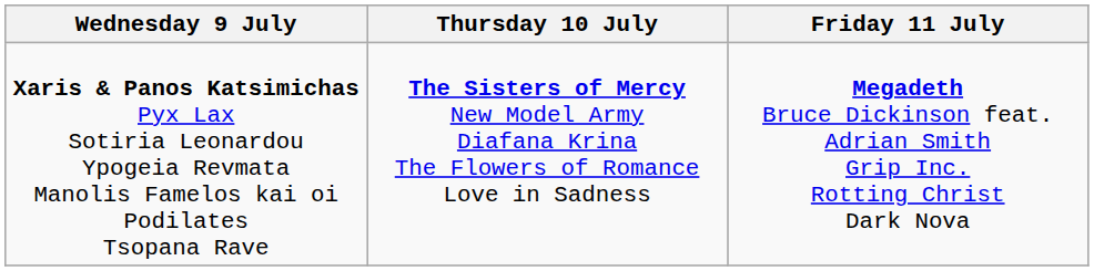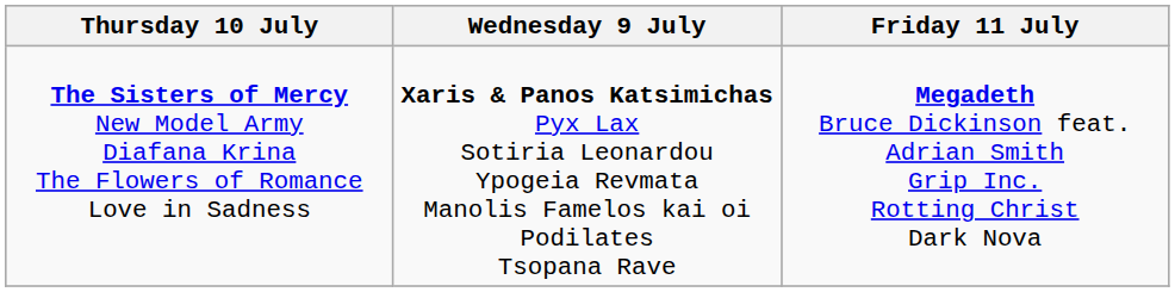 <table class="wikitable">
 <tr>
+<th>Thursday 10 July</th>
 <th>Wednesday 9 July</th>
-<th>Thursday 10 July</th>
 <th>Friday 11 July</th>
 </tr>
 <tr>
+<td valign="top" align="center" width=200><br><strong><a href='#'>The Sisters of Mercy</a></strong> <br><a href='#'>New Model Army</a> <br><a href='#'>Diafana Krina</a> <br><a href='#'>The Flowers of Romance</a> <br>Love in Sadness</td>
 <td valign="top" align="center" width=200><br><strong>Xaris & Panos Katsimichas</strong> <br><a href='#'>Pyx Lax</a> <br>Sotiria Leonardou <br>Ypogeia Revmata <br>Manolis Famelos kai oi Podilates <br>Τsopana Rave</td>
-<td valign="top" align="center" width=200><br><strong><a href='#'>The Sisters of Mercy</a></strong> <br><a href='#'>New Model Army</a> <br><a href='#'>Diafana Krina</a> <br><a href='#'>The Flowers of Romance</a> <br>Love in Sadness</td>
 <td valign="top" align="center" width=200><br><strong><a href='#'>Megadeth</a></strong> <br><a href='#'>Bruce Dickinson</a> feat. <a href='#'>Adrian Smith</a> <br><a href='#'>Grip Inc.</a> <br><a href='#'>Rotting Christ</a> <br>Dark Nova</td>
 </tr>
 </table>
